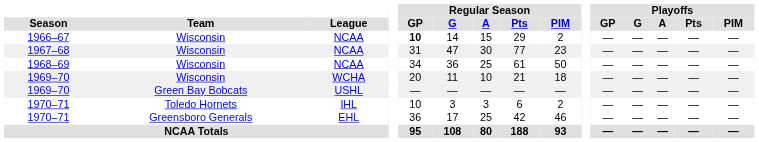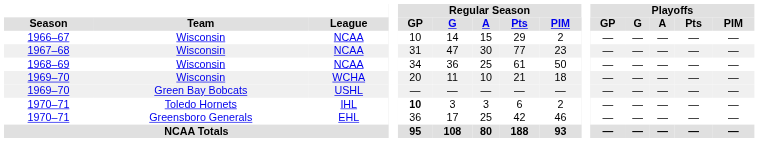 <table border="0" cellpadding="1" cellspacing="0" style="text-align:center; width:70em">
 <tr bgcolor="#e0e0e0">
 <th colspan="3"  bgcolor="#ffffff"> </th>
 <th rowspan="99" bgcolor="#ffffff"> </th>
 <th colspan="5">Regular Season</th>
 <th rowspan="99" bgcolor="#ffffff"> </th>
 <th colspan="5">Playoffs</th>
 </tr>
 <tr bgcolor="#e0e0e0">
 <th>Season</th>
 <th>Team</th>
 <th>League</th>
 <th>GP</th>
 <th><a href='#'>G</a></th>
 <th><a href='#'>A</a></th>
 <th><a href='#'>Pts</a></th>
 <th><a href='#'>PIM</a></th>
 <th>GP</th>
 <th>G</th>
 <th>A</th>
 <th>Pts</th>
 <th>PIM</th>
 </tr>
 <tr>
 <td><a href='#'>1966–67</a></td>
 <td><a href='#'>Wisconsin</a></td>
 <td><a href='#'>NCAA</a></td>
-<td><strong>10</strong></td>
+<td>10</td>
 <td>14</td>
 <td>15</td>
 <td>29</td>
 <td>2</td>
 <td>—</td>
 <td>—</td>
 <td>—</td>
 <td>—</td>
 <td>—</td>
 </tr>
 <tr bgcolor=f0f0f0>
 <td><a href='#'>1967–68</a></td>
 <td><a href='#'>Wisconsin</a></td>
 <td><a href='#'>NCAA</a></td>
 <td>31</td>
 <td>47</td>
 <td>30</td>
 <td>77</td>
 <td>23</td>
 <td>—</td>
 <td>—</td>
 <td>—</td>
 <td>—</td>
 <td>—</td>
 </tr>
 <tr>
 <td><a href='#'>1968–69</a></td>
 <td><a href='#'>Wisconsin</a></td>
 <td><a href='#'>NCAA</a></td>
 <td>34</td>
 <td>36</td>
 <td>25</td>
 <td>61</td>
 <td>50</td>
 <td>—</td>
 <td>—</td>
 <td>—</td>
 <td>—</td>
 <td>—</td>
 </tr>
 <tr bgcolor=f0f0f0>
 <td><a href='#'>1969–70</a></td>
 <td><a href='#'>Wisconsin</a></td>
 <td><a href='#'>WCHA</a></td>
 <td>20</td>
 <td>11</td>
 <td>10</td>
 <td>21</td>
 <td>18</td>
 <td>—</td>
 <td>—</td>
 <td>—</td>
 <td>—</td>
 <td>—</td>
 </tr>
 <tr bgcolor=f0f0f0>
 <td><a href='#'>1969–70</a></td>
 <td><a href='#'>Green Bay Bobcats</a></td>
 <td><a href='#'>USHL</a></td>
 <td>—</td>
 <td>—</td>
 <td>—</td>
 <td>—</td>
 <td>—</td>
 <td>—</td>
 <td>—</td>
 <td>—</td>
 <td>—</td>
 <td>—</td>
 </tr>
 <tr>
 <td><a href='#'>1970–71</a></td>
 <td><a href='#'>Toledo Hornets</a></td>
 <td><a href='#'>IHL</a></td>
-<td>10</td>
+<td><strong>10</strong></td>
 <td>3</td>
 <td>3</td>
 <td>6</td>
 <td>2</td>
 <td>—</td>
 <td>—</td>
 <td>—</td>
 <td>—</td>
 <td>—</td>
 </tr>
 <tr>
 <td><a href='#'>1970–71</a></td>
 <td><a href='#'>Greensboro Generals</a></td>
 <td><a href='#'>EHL</a></td>
 <td>36</td>
 <td>17</td>
 <td>25</td>
 <td>42</td>
 <td>46</td>
 <td>—</td>
 <td>—</td>
 <td>—</td>
 <td>—</td>
 <td>—</td>
 </tr>
 <tr bgcolor="#e0e0e0">
 <th colspan="3">NCAA Totals</th>
 <th>95</th>
 <th>108</th>
 <th>80</th>
 <th>188</th>
 <th>93</th>
 <th>—</th>
 <th>—</th>
 <th>—</th>
 <th>—</th>
 <th>—</th>
 </tr>
 </table>
